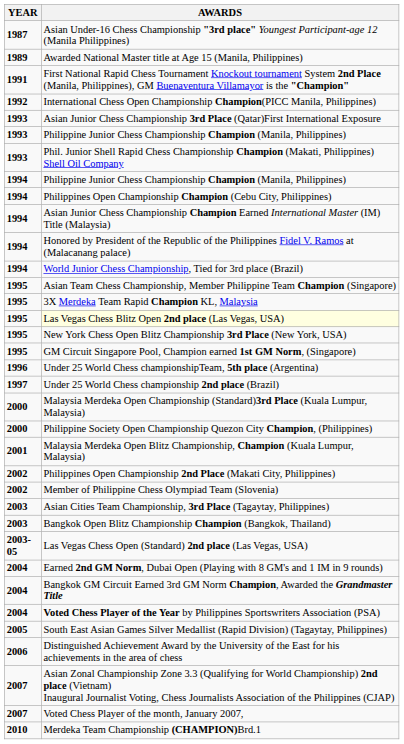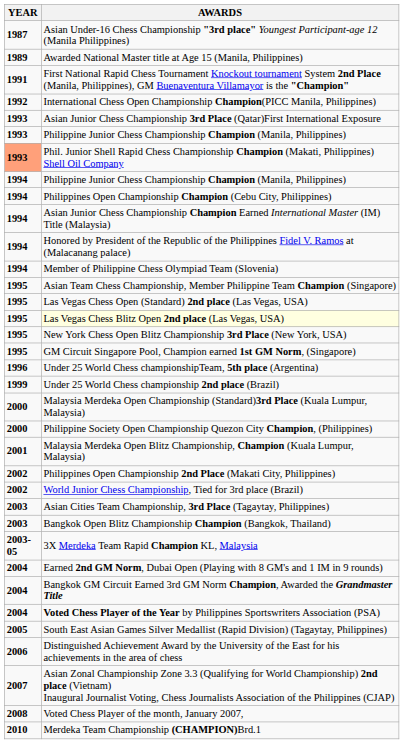 <table class="wikitable">
 <tr>
 <th>YEAR</th>
 <th>AWARDS</th>
 </tr>
 <tr>
 <td><strong>1987</strong></td>
 <td>Asian Under-16 Chess Championship <strong>"3rd place"</strong> <em>Youngest Participant-age 12</em> (Manila Philippines)</td>
 </tr>
 <tr>
 <td><strong>1989</strong></td>
 <td>Awarded National Master title at Age 15 (Manila, Philippines)</td>
 </tr>
 <tr>
 <td><strong>1991</strong></td>
 <td>First National Rapid Chess Tournament <a href='#'>Knockout tournament</a> System <strong>2nd Place</strong> (Manila, Philippines), GM <a href='#'>Buenaventura Villamayor</a> is the <strong>"Champion"</strong></td>
 </tr>
 <tr>
 <td><strong>1992</strong></td>
 <td>International Chess Open Championship <strong>Champion</strong>(PICC Manila, Philippines)</td>
 </tr>
 <tr>
 <td><strong>1993</strong></td>
 <td>Asian Junior Chess Championship <strong>3rd Place</strong> (Qatar)First International Exposure</td>
 </tr>
 <tr>
 <td><strong>1993</strong></td>
 <td>Philippine Junior Chess Championship <strong>Champion</strong> (Manila, Philippines)</td>
 </tr>
 <tr>
-<td><strong>1993</strong></td>
+<td style="background: lightsalmon;"><strong>1993</strong></td>
 <td>Phil. Junior Shell Rapid Chess Championship <strong>Champion</strong> (Makati, Philippines) <a href='#'>Shell Oil Company</a></td>
 </tr>
 <tr>
 <td><strong>1994</strong></td>
 <td>Philippine Junior Chess Championship <strong>Champion</strong> (Manila, Philippines)</td>
 </tr>
 <tr>
 <td><strong>1994</strong></td>
 <td>Philippines Open Championship <strong>Champion</strong> (Cebu City, Philippines)</td>
 </tr>
 <tr>
 <td><strong>1994</strong></td>
 <td>Asian Junior Chess Championship <strong>Champion</strong> Earned <em>International Master</em> (IM) Title (Malaysia)</td>
 </tr>
 <tr>
 <td><strong>1994</strong></td>
 <td>Honored by President of the Republic of the Philippines <a href='#'>Fidel V. Ramos</a> at (Malacanang palace)</td>
 </tr>
 <tr>
 <td><strong>1994</strong></td>
-<td><a href='#'>World Junior Chess Championship</a>, Tied for 3rd place (Brazil)</td>
+<td>Member of Philippine Chess Olympiad Team (Slovenia)</td>
 </tr>
 <tr>
 <td><strong>1995</strong></td>
 <td>Asian Team Chess Championship, Member Philippine Team <strong>Champion</strong> (Singapore)</td>
 </tr>
 <tr>
 <td><strong>1995</strong></td>
-<td>3X <a href='#'>Merdeka</a> Team Rapid <strong>Champion</strong> KL, <a href='#'>Malaysia</a></td>
+<td>Las Vegas Chess Open (Standard)<strong> 2nd place</strong>  (Las Vegas, USA)</td>
 </tr>
 <tr>
 <td><strong>1995</strong></td>
 <td style="background: lightyellow;">Las Vegas Chess Blitz Open <strong>2nd place</strong> (Las Vegas, USA)</td>
 </tr>
 <tr>
 <td><strong>1995</strong></td>
 <td>New York Chess Open Blitz Championship <strong>3rd Place</strong> (New York, USA)</td>
 </tr>
 <tr>
 <td><strong>1995</strong></td>
 <td>GM Circuit Singapore Pool, Champion earned <strong>1st GM Norm</strong>, (Singapore)</td>
 </tr>
 <tr>
 <td><strong>1996</strong></td>
 <td>Under 25 World Chess championshipTeam, <strong>5th place</strong> (Argentina)</td>
 </tr>
 <tr>
-<td><strong>1997</strong></td>
+<td><strong>1999</strong></td>
 <td>Under 25 World Chess championship  <strong>2nd place</strong> (Brazil)</td>
 </tr>
 <tr>
 <td><strong>2000</strong></td>
 <td>Malaysia Merdeka Open Championship (Standard)<strong>3rd Place</strong> (Kuala Lumpur, Malaysia)</td>
 </tr>
 <tr>
 <td><strong>2000</strong></td>
 <td>Philippine Society Open Championship Quezon City <strong>Champion</strong>, (Philippines)</td>
 </tr>
 <tr>
 <td><strong>2001</strong></td>
 <td>Malaysia Merdeka Open Blitz Championship, <strong>Champion</strong> (Kuala Lumpur, Malaysia)</td>
 </tr>
 <tr>
 <td><strong>2002</strong></td>
 <td>Philippines Open Championship <strong>2nd Place</strong> (Makati City, Philippines)</td>
 </tr>
 <tr>
 <td><strong>2002</strong></td>
-<td>Member of Philippine Chess Olympiad Team (Slovenia)</td>
+<td><a href='#'>World Junior Chess Championship</a>, Tied for 3rd place (Brazil)</td>
 </tr>
 <tr>
 <td><strong>2003</strong></td>
 <td>Asian Cities Team Championship, <strong>3rd Place</strong> (Tagaytay, Philippines)</td>
 </tr>
 <tr>
 <td><strong>2003</strong></td>
 <td>Bangkok Open Blitz Championship <strong>Champion</strong> (Bangkok, Thailand)</td>
 </tr>
 <tr>
 <td><strong>2003-05</strong></td>
-<td>Las Vegas Chess Open (Standard)<strong> 2nd place</strong>  (Las Vegas, USA)</td>
+<td>3X <a href='#'>Merdeka</a> Team Rapid <strong>Champion</strong> KL, <a href='#'>Malaysia</a></td>
 </tr>
 <tr>
 <td><strong>2004</strong></td>
 <td>Earned  <strong>2nd GM Norm</strong>, Dubai Open (Playing with 8 GM's and 1 IM in 9 rounds)</td>
 </tr>
 <tr>
 <td><strong>2004</strong></td>
 <td>Bangkok GM Circuit Earned 3rd  GM Norm <strong>Champion</strong>, Awarded the <strong><em>Grandmaster Title</em></strong></td>
 </tr>
 <tr>
 <td><strong>2004</strong></td>
 <td><strong>Voted Chess Player of the Year</strong> by Philippines Sportswriters Association (PSA)</td>
 </tr>
 <tr>
 <td><strong>2005</strong></td>
 <td>South East Asian Games Silver Medallist (Rapid Division) (Tagaytay, Philippines)</td>
 </tr>
 <tr>
 <td><strong>2006</strong></td>
 <td>Distinguished Achievement Award by the University of the East for his achievements in the area of chess</td>
 </tr>
 <tr>
 <td><strong>2007</strong></td>
 <td>Asian Zonal Championship Zone 3.3 (Qualifying for World Championship) <strong>2nd place</strong> (Vietnam)<br>Inaugural Journalist Voting,  Chess Journalists Association of the Philippines (CJAP)</td>
 </tr>
 <tr>
-<td><strong>2007</strong></td>
+<td><strong>2008</strong></td>
 <td>Voted  Chess Player of the month, January 2007,</td>
 </tr>
 <tr>
 <td><strong>2010</strong></td>
 <td>Merdeka Team Championship <strong>(CHAMPION)</strong>Brd.1</td>
 </tr>
 </table>
